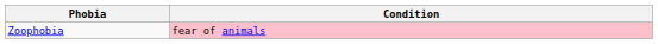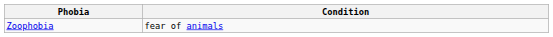 <table class="wikitable sortable" border="1">
 <tr>
 <th width="200px">Phobia</th>
 <th width="600px">Condition</th>
 </tr>
 <tr>
 <td><a href='#'>Zoophobia</a></td>
-<td style="background: pink;">fear of <a href='#'>animals</a></td>
+<td>fear of <a href='#'>animals</a></td>
 </tr>
 </table>
